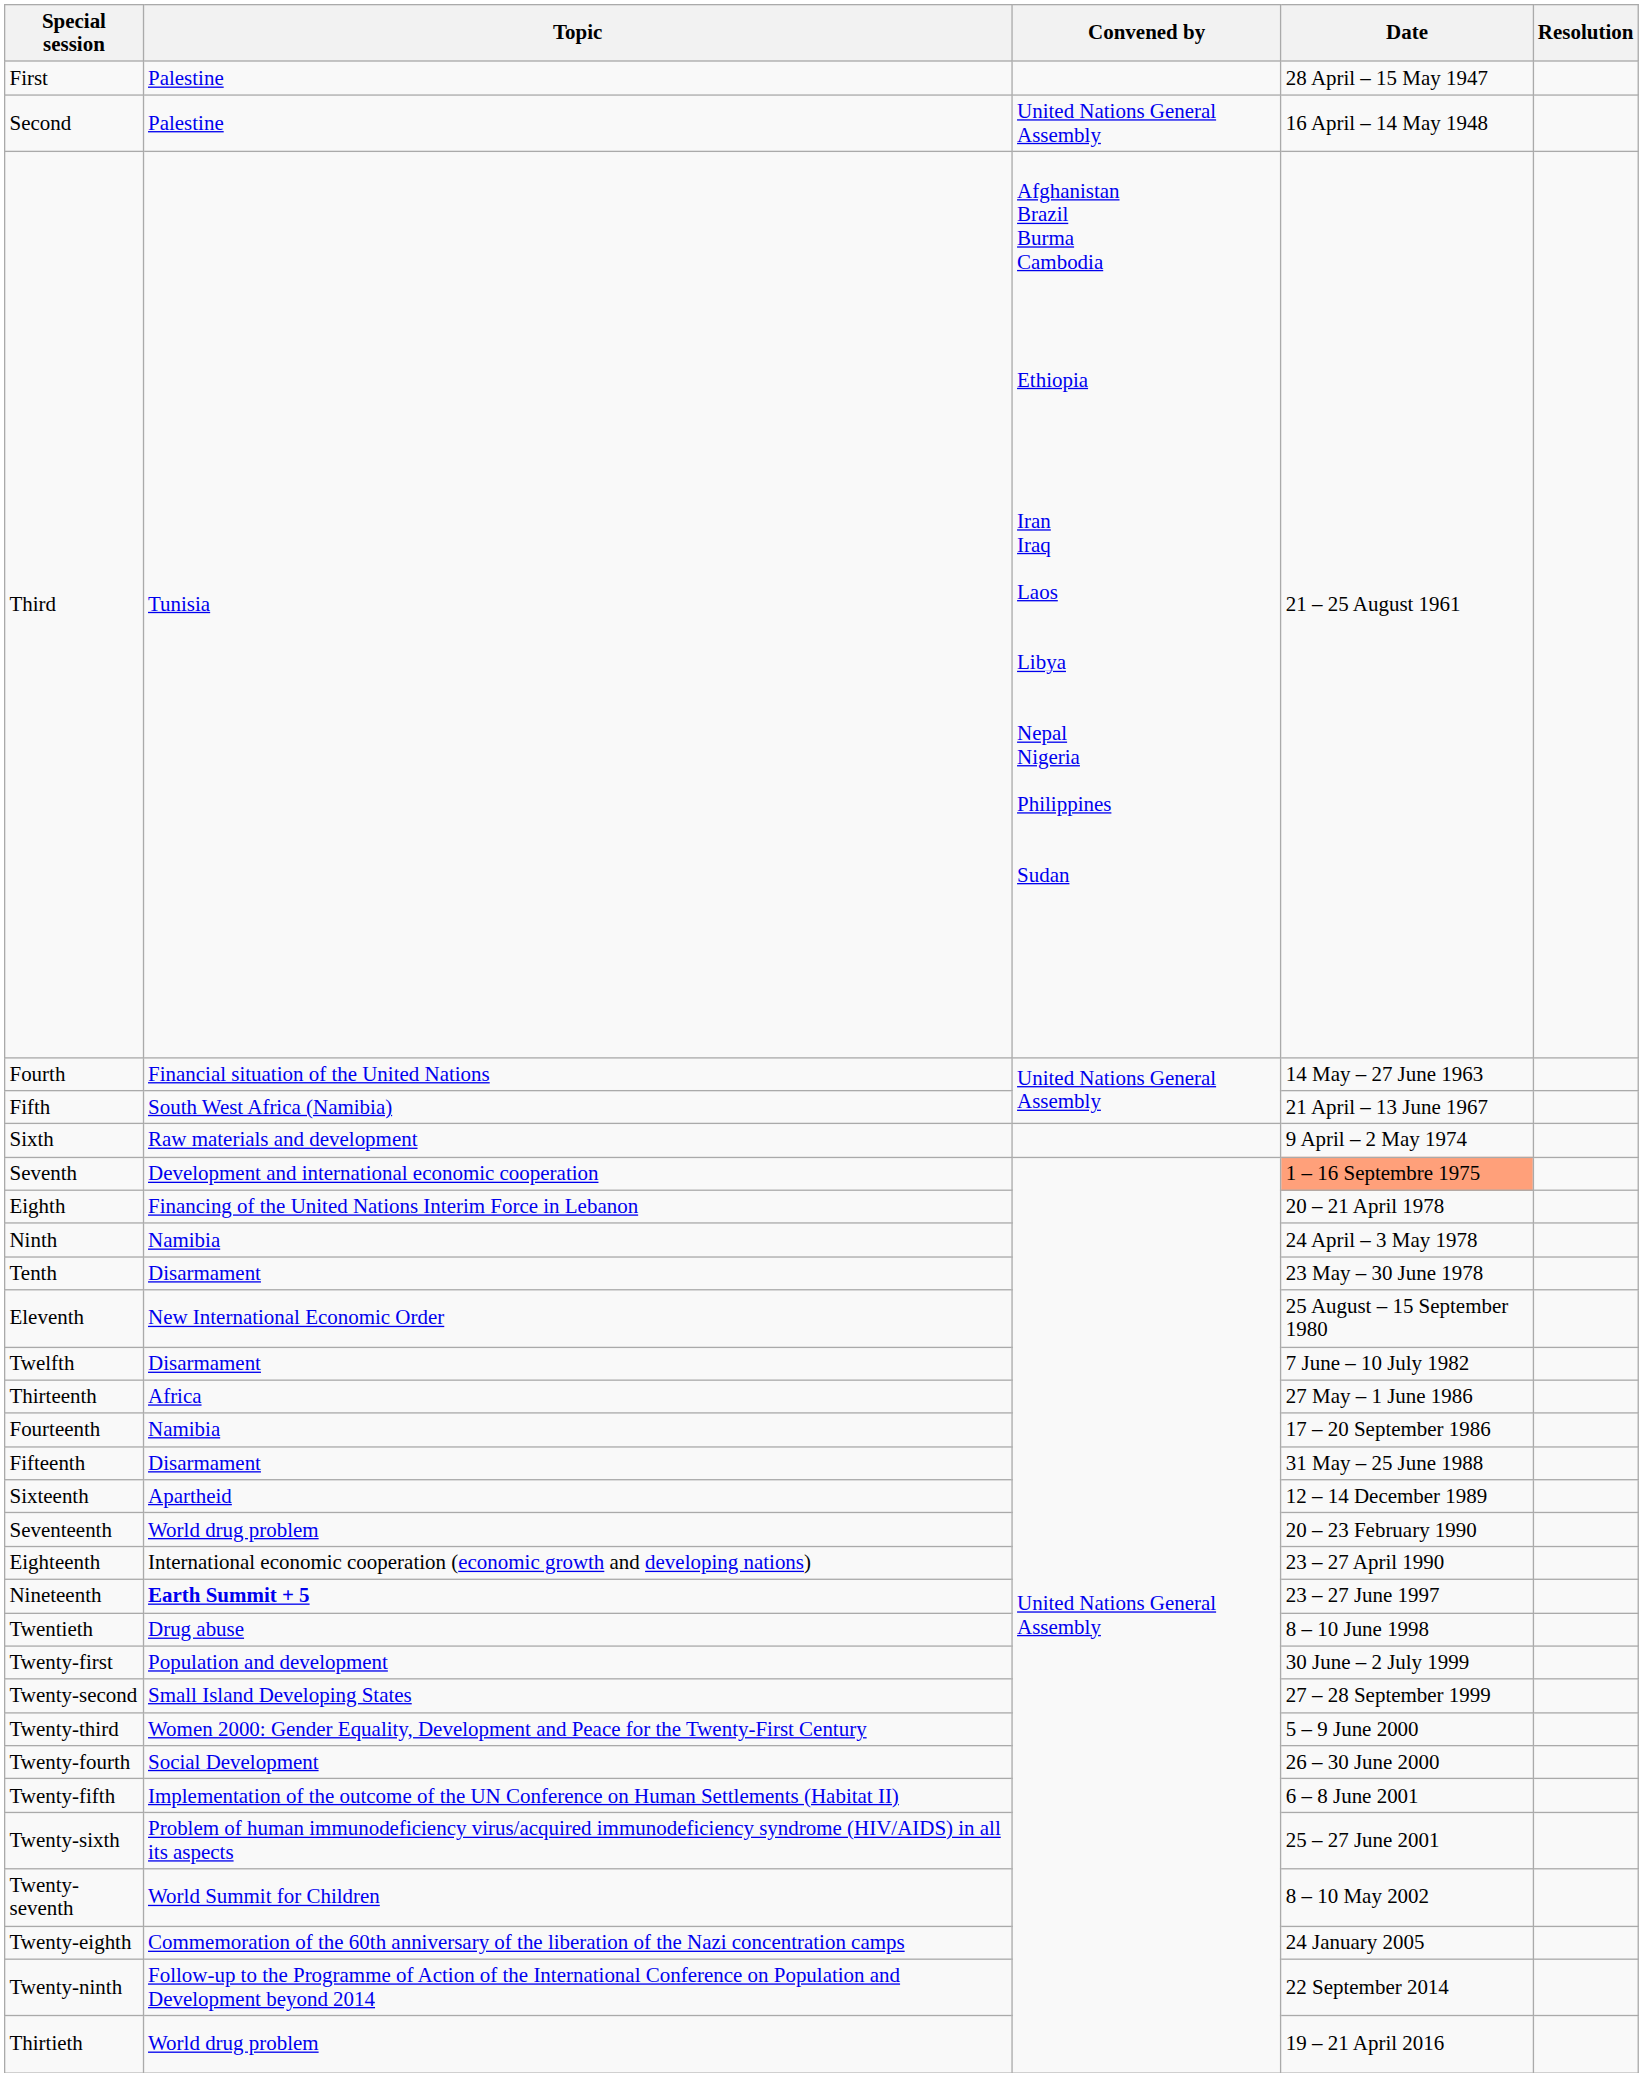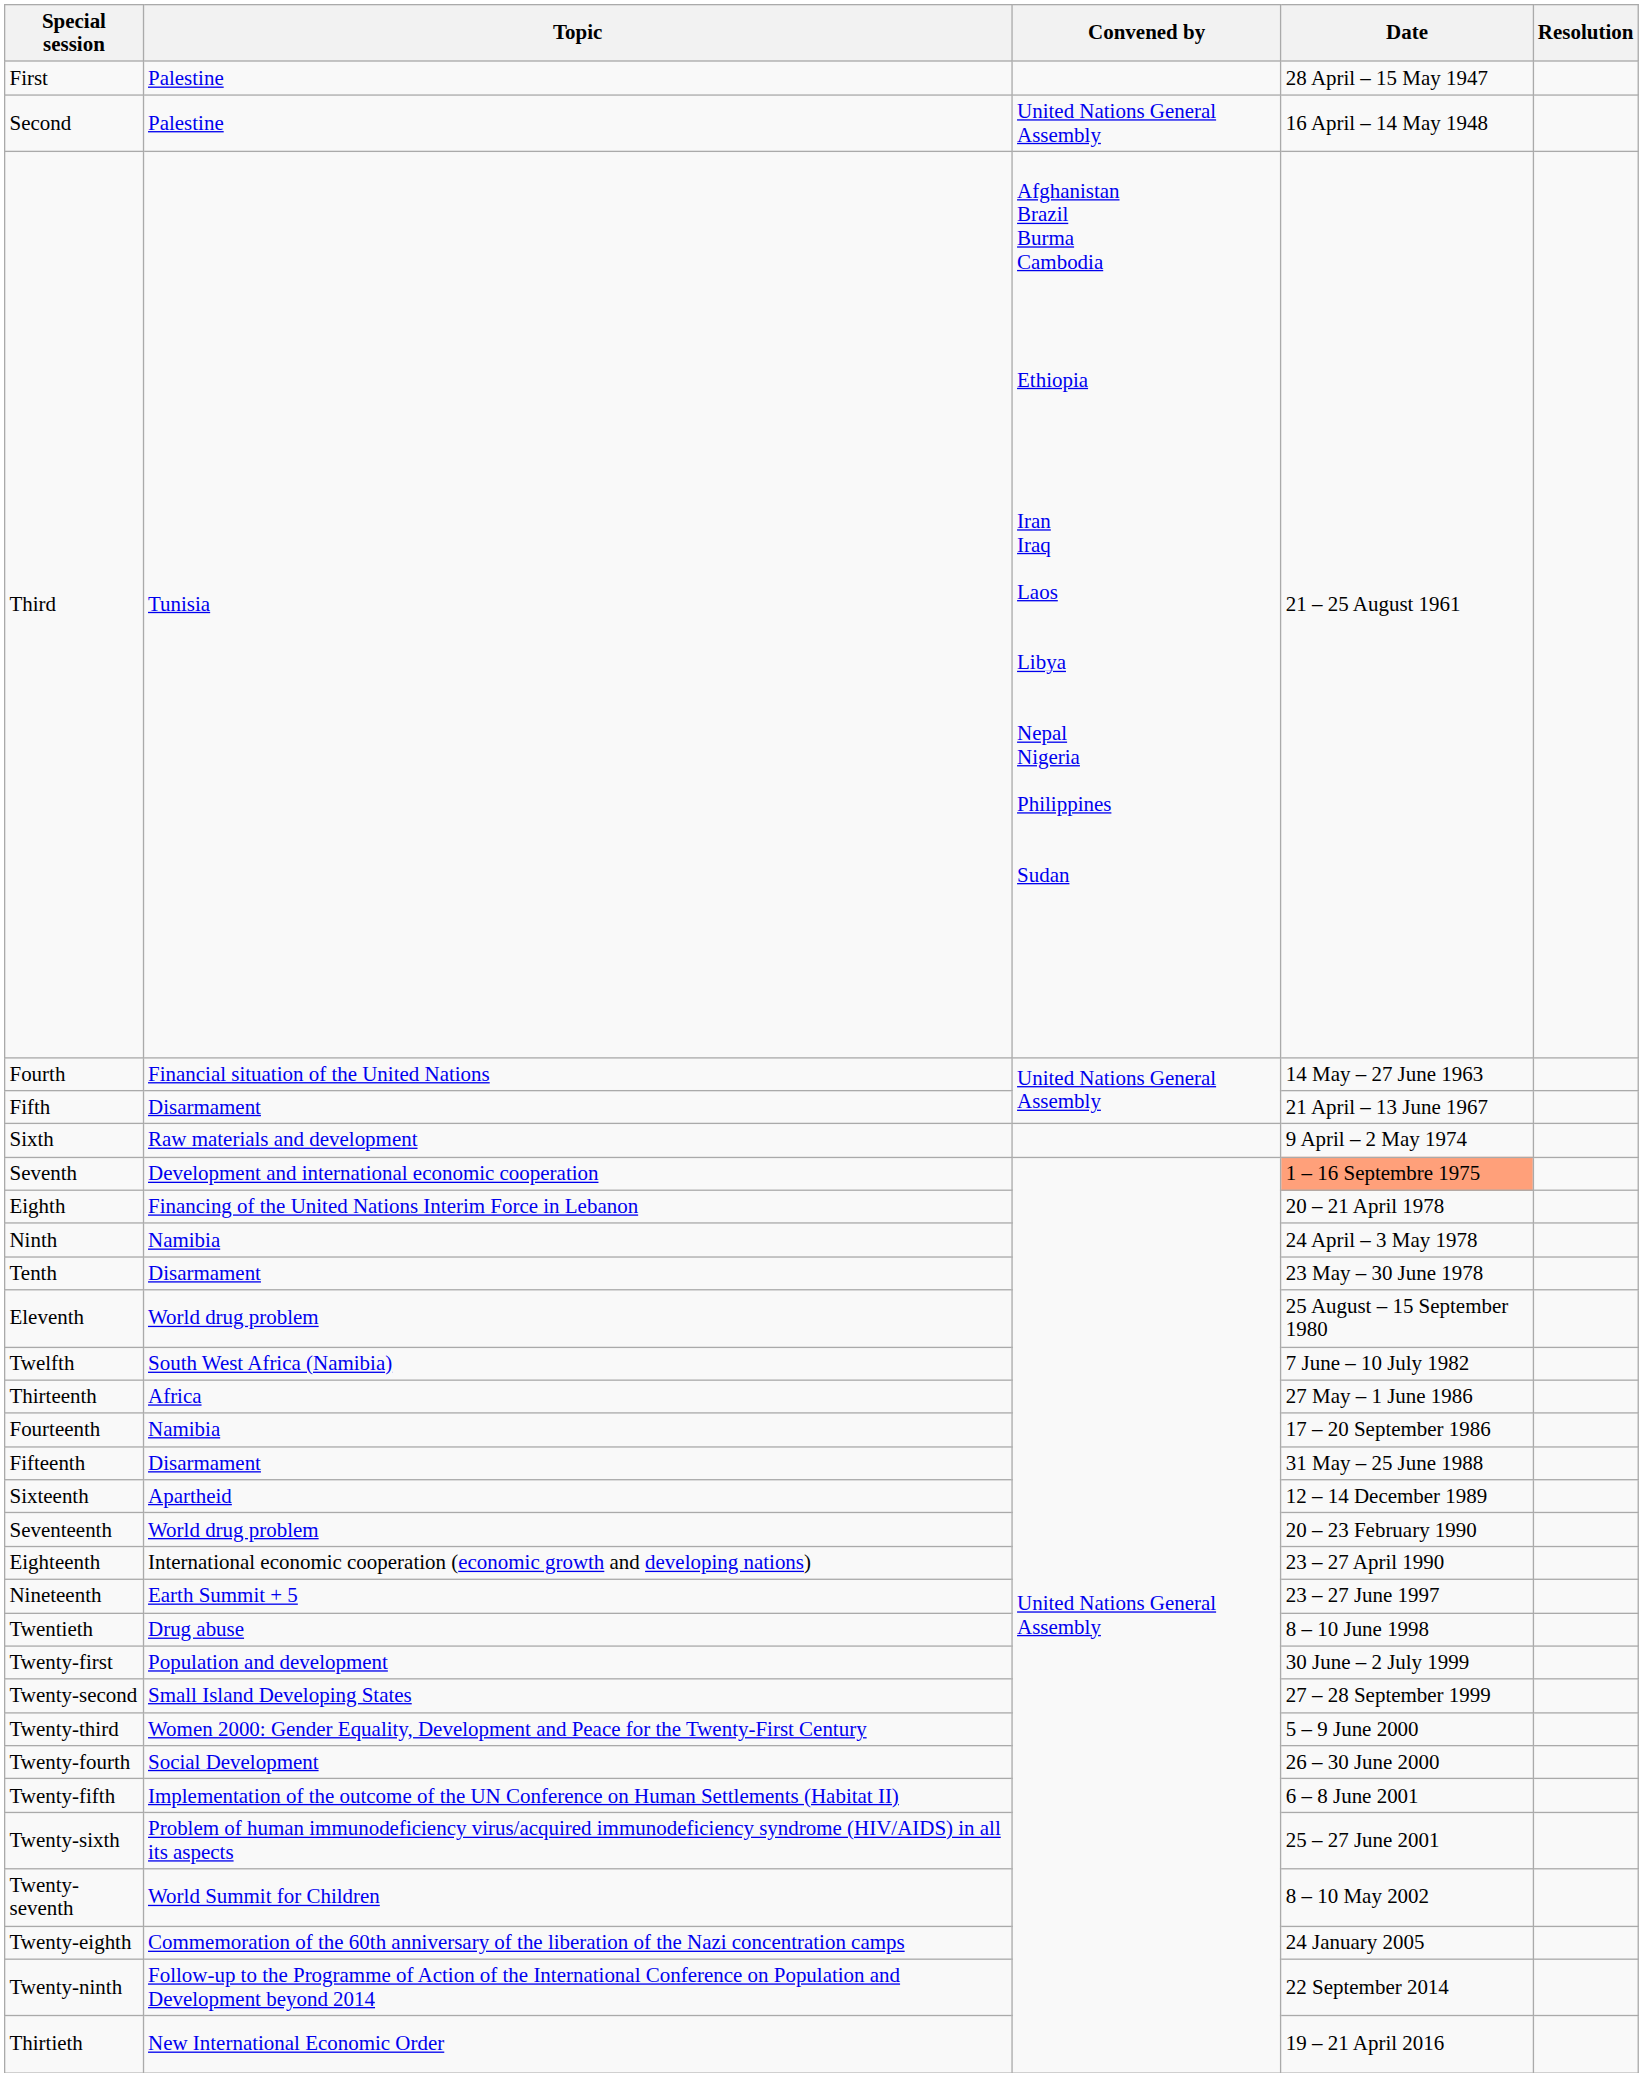 <table class="wikitable">
 <tr>
 <th align="center"><strong>Special session</strong></th>
 <th><strong>Topic</strong></th>
 <th><strong>Convened by</strong></th>
 <th><strong>Date</strong></th>
 <th><strong>Resolution</strong></th>
 </tr>
 <tr>
 <td>First</td>
 <td><a href='#'>Palestine</a></td>
 <td></td>
 <td>28 April – 15 May 1947</td>
 <td></td>
 </tr>
 <tr>
 <td>Second</td>
 <td><a href='#'>Palestine</a></td>
 <td> <a href='#'>United Nations General Assembly</a></td>
 <td>16 April – 14 May 1948</td>
 <td></td>
 </tr>
 <tr>
 <td>Third</td>
 <td><a href='#'>Tunisia</a></td>
 <td><br> <a href='#'>Afghanistan</a> <br>  <a href='#'>Brazil</a> <br>   <a href='#'>Burma</a> <br>  <a href='#'>Cambodia</a> <br>  <br>  <br>  <br>  <br>  <a href='#'>Ethiopia</a> <br>  <br>  <br>  <br>  <br>  <br>  <a href='#'>Iran</a><br>  <a href='#'>Iraq</a><br>  <br>  <a href='#'>Laos</a><br>  <br>  <br>  <a href='#'>Libya</a><br>  <br>  <br>  <a href='#'>Nepal</a><br>  <a href='#'>Nigeria</a><br>  <br>  <a href='#'>Philippines</a><br>  <br>  <br>  <a href='#'>Sudan</a> <br>  <br>  <br>  <br>  <br>  <br>  <br>  <br>    </td>
 <td>21 – 25 August 1961</td>
 <td></td>
 </tr>
 <tr>
 <td>Fourth</td>
 <td><a href='#'>Financial situation of the United Nations</a></td>
 <td rowspan=2> <a href='#'>United Nations General Assembly</a></td>
 <td>14 May – 27 June 1963</td>
 <td></td>
 </tr>
 <tr>
 <td>Fifth</td>
-<td><a href='#'>South West Africa (Namibia)</a></td>
+<td><a href='#'>Disarmament</a></td>
 <td>21 April – 13 June 1967</td>
 <td></td>
 </tr>
 <tr>
 <td>Sixth</td>
 <td><a href='#'>Raw materials and development</a></td>
 <td></td>
 <td>9 April – 2 May 1974</td>
 <td></td>
 </tr>
 <tr>
 <td>Seventh</td>
 <td><a href='#'>Development and international economic cooperation</a></td>
 <td rowspan=24> <a href='#'>United Nations General Assembly</a></td>
 <td style="background: lightsalmon;">1 – 16 Septembre 1975</td>
 <td></td>
 </tr>
 <tr>
 <td>Eighth</td>
 <td><a href='#'>Financing of the United Nations Interim Force in Lebanon</a></td>
 <td>20 – 21 April 1978</td>
 <td></td>
 </tr>
 <tr>
 <td>Ninth</td>
 <td><a href='#'>Namibia</a></td>
 <td>24 April – 3 May 1978</td>
 <td></td>
 </tr>
 <tr>
 <td>Tenth</td>
 <td><a href='#'>Disarmament</a></td>
 <td>23 May – 30 June 1978</td>
 <td></td>
 </tr>
 <tr>
 <td>Eleventh</td>
-<td><a href='#'>New International Economic Order</a></td>
+<td><a href='#'>World drug problem</a></td>
 <td>25 August – 15 September 1980</td>
 <td></td>
 </tr>
 <tr>
 <td>Twelfth</td>
-<td><a href='#'>Disarmament</a></td>
+<td><a href='#'>South West Africa (Namibia)</a></td>
 <td>7 June – 10 July 1982</td>
 <td></td>
 </tr>
 <tr>
 <td>Thirteenth</td>
 <td><a href='#'>Africa</a></td>
 <td>27 May – 1 June 1986</td>
 <td></td>
 </tr>
 <tr>
 <td>Fourteenth</td>
 <td><a href='#'>Namibia</a></td>
 <td>17 – 20 September 1986</td>
 <td></td>
 </tr>
 <tr>
 <td>Fifteenth</td>
 <td><a href='#'>Disarmament</a></td>
 <td>31 May – 25 June 1988</td>
 <td></td>
 </tr>
 <tr>
 <td>Sixteenth</td>
 <td><a href='#'>Apartheid</a></td>
 <td>12 – 14 December 1989</td>
 <td></td>
 </tr>
 <tr>
 <td>Seventeenth</td>
 <td><a href='#'>World drug problem</a></td>
 <td>20 – 23 February 1990</td>
 <td></td>
 </tr>
 <tr>
 <td>Eighteenth</td>
 <td>International economic cooperation (<a href='#'>economic growth</a> and <a href='#'>developing nations</a>)</td>
 <td>23 – 27 April 1990</td>
 <td></td>
 </tr>
 <tr>
 <td>Nineteenth</td>
-<td><strong><a href='#'>Earth Summit + 5</a></strong></td>
+<td><a href='#'>Earth Summit + 5</a></td>
 <td>23 – 27 June 1997</td>
 <td></td>
 </tr>
 <tr>
 <td>Twentieth</td>
 <td><a href='#'>Drug abuse</a></td>
 <td>8 – 10 June 1998</td>
 <td></td>
 </tr>
 <tr>
 <td>Twenty-first</td>
 <td><a href='#'>Population and development</a></td>
 <td>30 June – 2 July 1999</td>
 <td></td>
 </tr>
 <tr>
 <td>Twenty-second</td>
 <td><a href='#'>Small Island Developing States</a></td>
 <td>27 – 28 September 1999</td>
 <td></td>
 </tr>
 <tr>
 <td>Twenty-third</td>
 <td><a href='#'>Women 2000: Gender Equality, Development and Peace for the Twenty-First Century</a></td>
 <td>5 – 9 June 2000</td>
 <td></td>
 </tr>
 <tr>
 <td>Twenty-fourth</td>
 <td><a href='#'>Social Development</a></td>
 <td>26 – 30 June 2000</td>
 <td></td>
 </tr>
 <tr>
 <td>Twenty-fifth</td>
 <td><a href='#'>Implementation of the outcome of the UN Conference on Human Settlements (Habitat II)</a></td>
 <td>6 – 8 June 2001</td>
 <td></td>
 </tr>
 <tr>
 <td>Twenty-sixth</td>
 <td><a href='#'>Problem of human immunodeficiency virus/acquired immunodeficiency syndrome (HIV/AIDS) in all its aspects</a></td>
 <td>25 – 27 June 2001</td>
 <td></td>
 </tr>
 <tr>
 <td>Twenty-seventh</td>
 <td><a href='#'>World Summit for Children</a></td>
 <td>8 – 10 May 2002</td>
 <td></td>
 </tr>
 <tr>
 <td>Twenty-eighth</td>
 <td><a href='#'>Commemoration of the 60th anniversary of the liberation of the Nazi concentration camps</a></td>
 <td>24 January 2005</td>
 <td></td>
 </tr>
 <tr>
 <td>Twenty-ninth</td>
 <td><a href='#'>Follow-up to the Programme of Action of the International Conference on Population and Development beyond 2014</a></td>
 <td>22 September 2014</td>
 <td></td>
 </tr>
 <tr>
 <td>Thirtieth</td>
-<td><a href='#'>World drug problem</a></td>
+<td><a href='#'>New International Economic Order</a></td>
 <td>19 – 21 April 2016</td>
 <td><br><br></td>
 </tr>
 </table>
